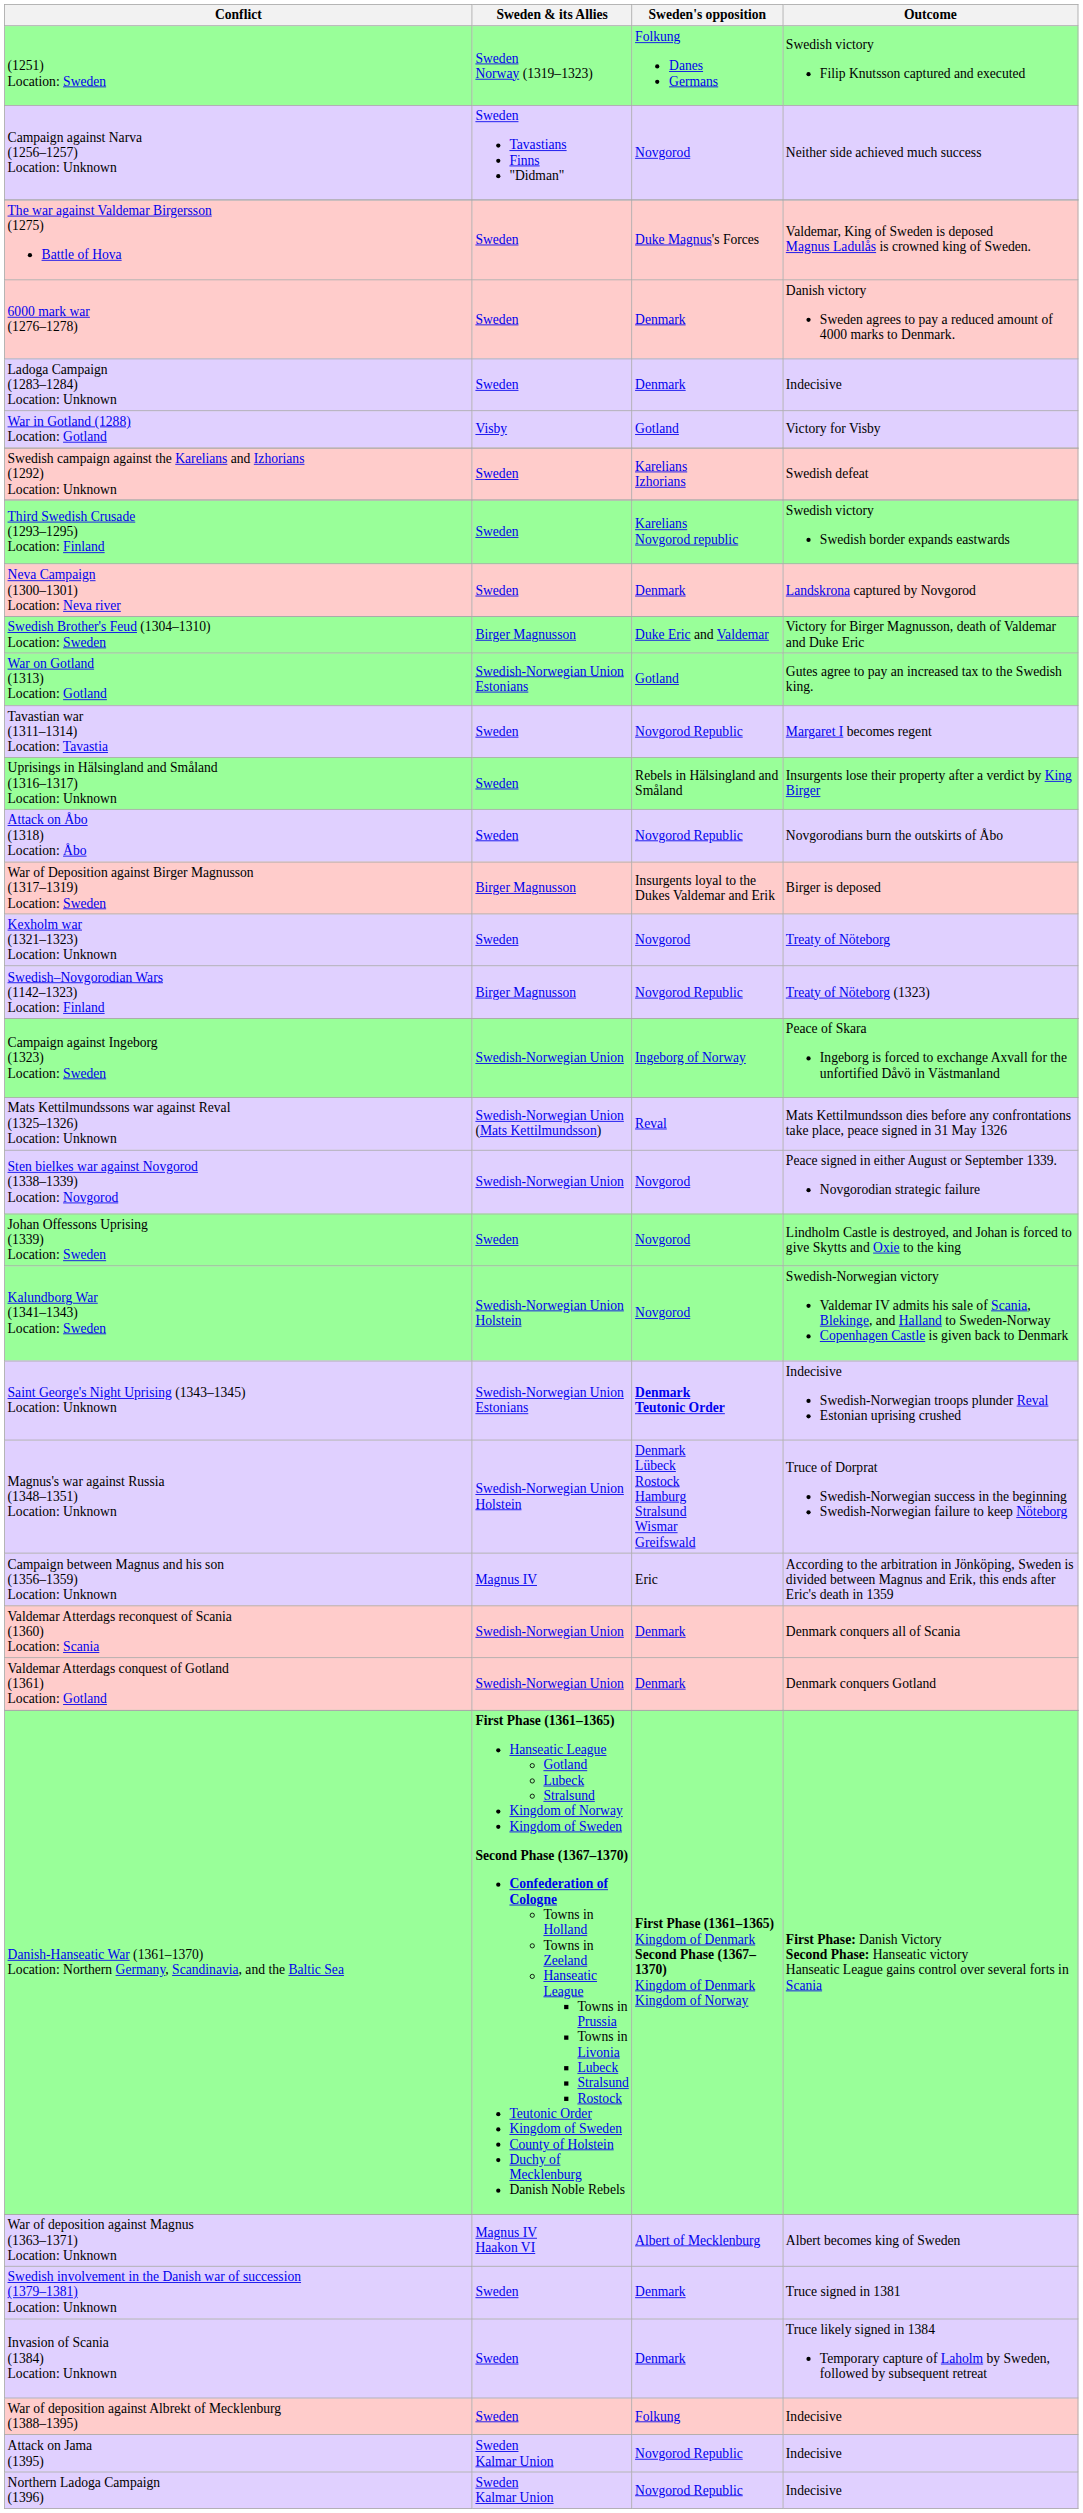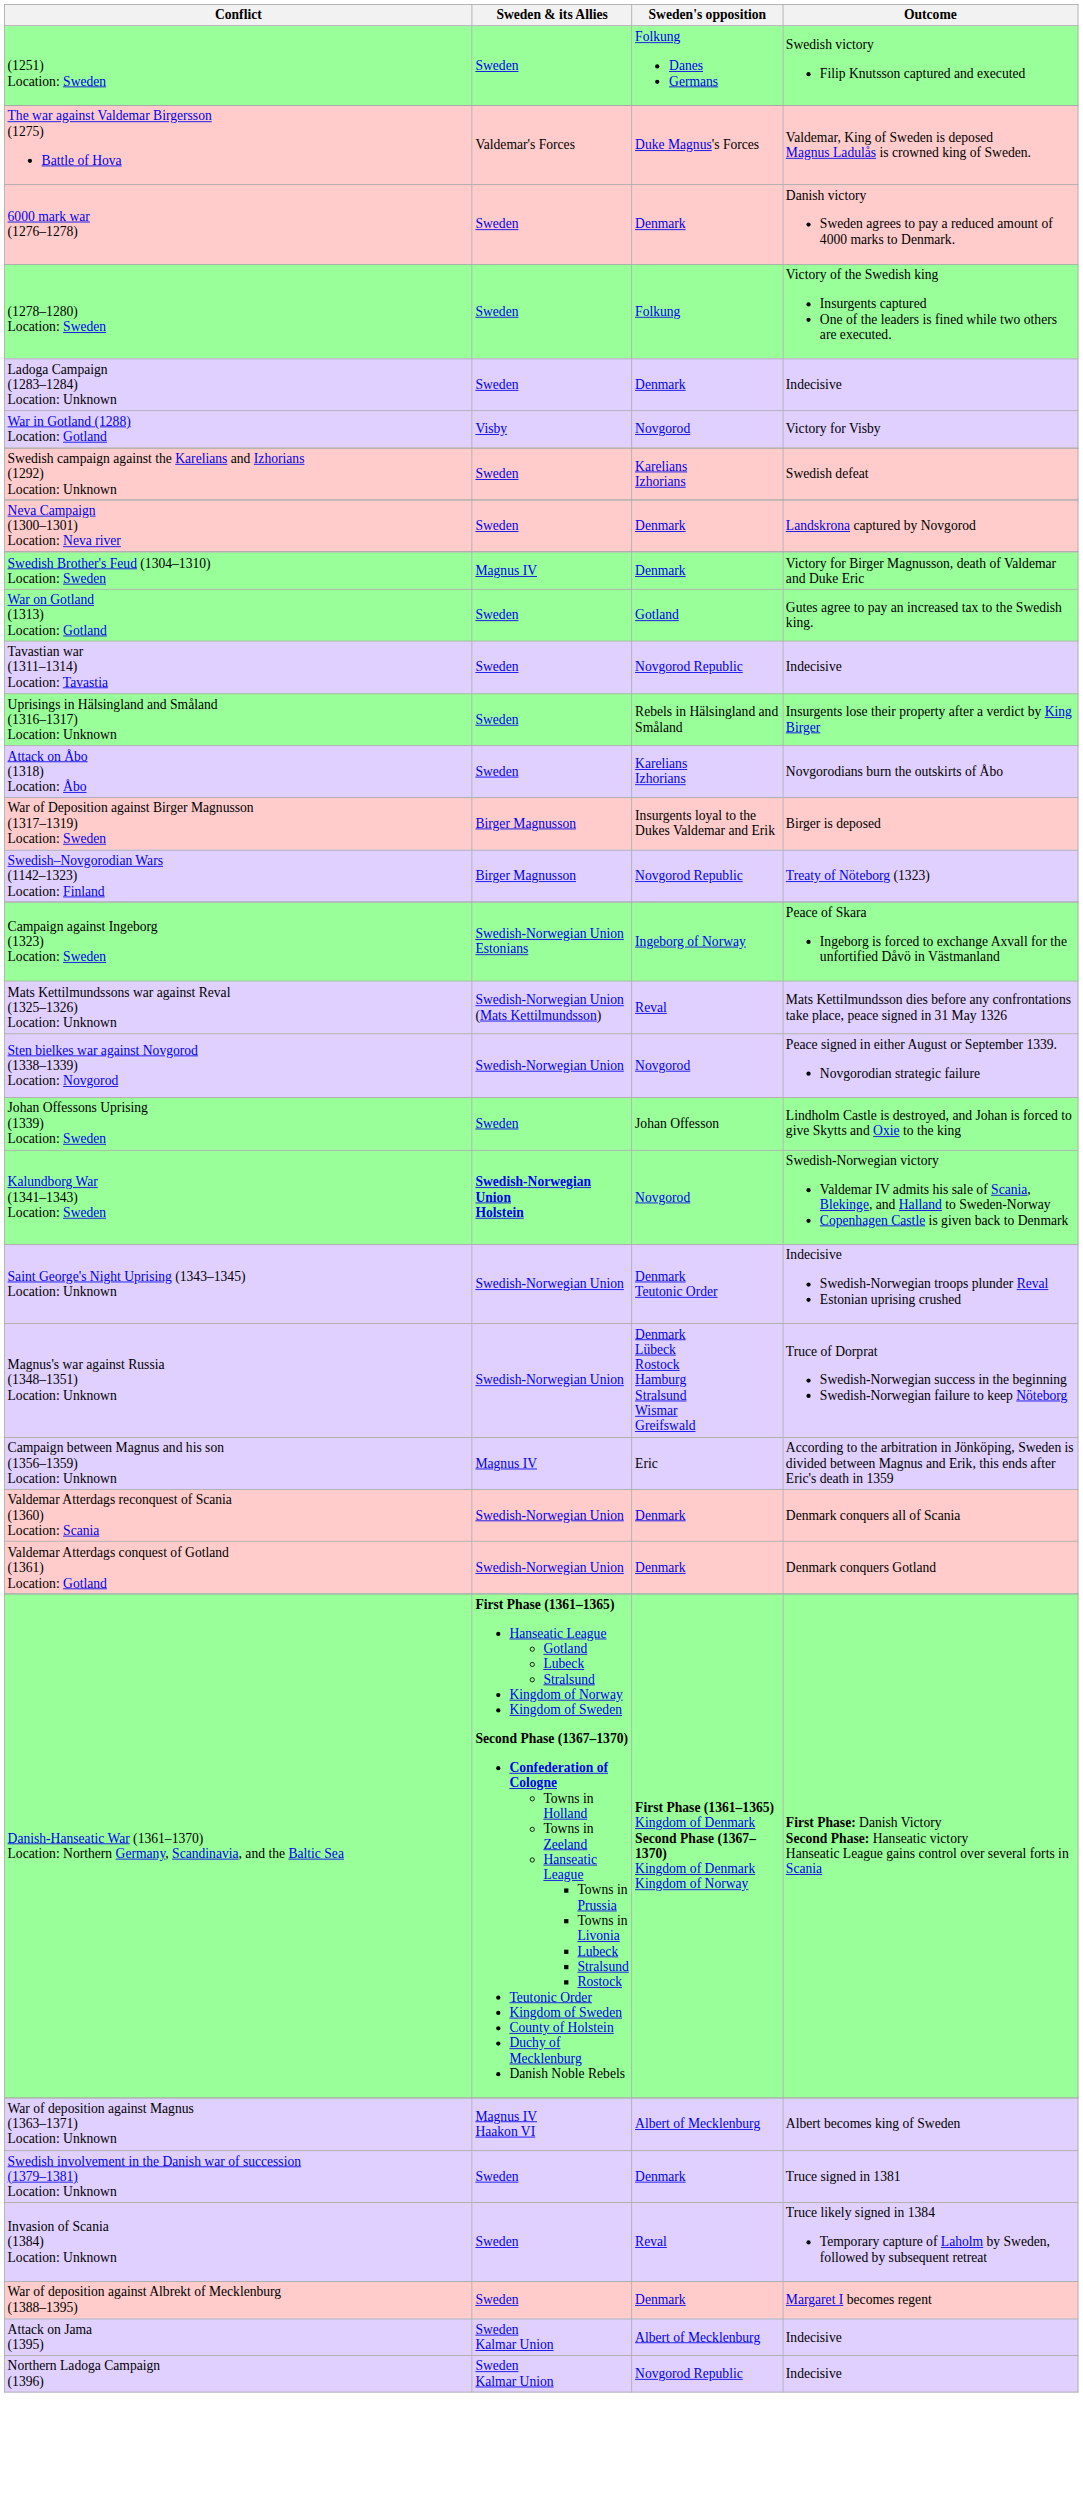 <table class="wikitable sortable" width="100%">
 <tr>
 <th rowspan="1">Conflict</th>
 <th rowspan="1" width=170px>Sweden & its Allies</th>
 <th rowspan="1" width=170px>Sweden's opposition</th>
 <th rowspan="1" width=340px>Outcome</th>
 </tr>
 <tr bgcolor="#99ff99">
 <td><br>(1251)<br>Location: <a href='#'>Sweden</a></td>
-<td> <a href='#'>Sweden</a><br> <a href='#'>Norway</a> (1319–1323)</td>
+<td><a href='#'>Sweden</a></td>
 <td><a href='#'>Folkung</a><br><ul><li><a href='#'>Danes</a></li><li><a href='#'>Germans</a></li></ul></td>
 <td>Swedish victory<br><ul><li>Filip Knutsson captured and executed</li></ul></td>
-</tr>
-<tr bgcolor="#E0D0FF">
-<td>Campaign against Narva <br>(1256–1257)<br>Location: Unknown</td>
-<td><a href='#'>Sweden</a><br><ul><li><a href='#'>Tavastians</a></li><li><a href='#'>Finns</a></li><li>"Didman"</li></ul></td>
-<td><a href='#'>Novgorod</a></td>
-<td>Neither side achieved much success</td>
 </tr>
 <tr>
 </tr>
 <tr bgcolor="#FFCCCB">
 <td><a href='#'>The war against Valdemar Birgersson</a><br>(1275)<br><ul><li><a href='#'>Battle of Hova</a></li></ul></td>
-<td><a href='#'>Sweden</a></td>
+<td>Valdemar's Forces</td>
 <td><a href='#'>Duke Magnus</a>'s Forces</td>
 <td>Valdemar, King of Sweden is deposed<br><a href='#'>Magnus Ladulås</a> is crowned king of Sweden.</td>
 </tr>
 <tr bgcolor="#FFCCCB">
 <td><a href='#'>6000 mark war</a><br>(1276–1278)</td>
 <td><a href='#'>Sweden</a></td>
 <td><a href='#'>Denmark</a></td>
 <td>Danish victory<br><ul><li>Sweden agrees to pay a reduced amount of 4000 marks to Denmark.</li></ul></td>
+</tr>
+<tr bgcolor="#99ff99">
+<td> <br>(1278–1280)<br>Location: <a href='#'>Sweden</a></td>
+<td><a href='#'>Sweden</a></td>
+<td><a href='#'>Folkung</a></td>
+<td>Victory of the Swedish king<br><ul><li>Insurgents captured</li><li>One of the leaders is fined while two others are executed.</li></ul></td>
 </tr>
 <tr bgcolor="#E0D0FF">
 <td>Ladoga Campaign <br>(1283–1284)<br>Location: Unknown</td>
 <td><a href='#'>Sweden</a></td>
 <td><a href='#'>Denmark</a></td>
 <td>Indecisive</td>
 </tr>
 <tr bgcolor="#E0D0FF">
 <td><a href='#'>War in Gotland (1288)</a><br>Location: <a href='#'>Gotland</a></td>
 <td><a href='#'>Visby</a></td>
-<td><a href='#'>Gotland</a></td>
+<td><a href='#'>Novgorod</a></td>
 <td>Victory for Visby</td>
 </tr>
 <tr>
 </tr>
 <tr bgcolor="#FFCCCB">
 <td>Swedish campaign against the <a href='#'>Karelians</a> and <a href='#'>Izhorians</a><br>(1292)<br>Location: Unknown</td>
 <td><a href='#'>Sweden</a></td>
 <td><a href='#'>Karelians</a><br><a href='#'>Izhorians</a></td>
 <td>Swedish defeat</td>
 </tr>
 <tr>
 </tr>
-<tr bgcolor="#99ff99">
-<td><a href='#'>Third Swedish Crusade</a><br>(1293–1295)<br>Location: <a href='#'>Finland</a></td>
-<td><a href='#'>Sweden</a></td>
-<td><a href='#'>Karelians</a> <br> <a href='#'>Novgorod republic</a></td>
-<td>Swedish victory<br><ul><li>Swedish border expands eastwards</li></ul></td>
-</tr>
 <tr bgcolor="#FFCCCB">
 <td><a href='#'>Neva Campaign</a> <br>(1300–1301)<br>Location: <a href='#'>Neva river</a></td>
 <td><a href='#'>Sweden</a></td>
 <td><a href='#'>Denmark</a></td>
 <td><a href='#'>Landskrona</a> captured by Novgorod</td>
 </tr>
 <tr>
 </tr>
 <tr bgcolor="#99ff99">
 <td><a href='#'>Swedish Brother's Feud</a> (1304–1310)<br>Location: <a href='#'>Sweden</a></td>
-<td><a href='#'>Birger Magnusson</a></td>
-<td><a href='#'>Duke Eric</a> and <a href='#'>Valdemar</a></td>
+<td><a href='#'>Magnus IV</a></td>
+<td><a href='#'>Denmark</a></td>
 <td>Victory for Birger Magnusson, death of Valdemar and Duke Eric</td>
 </tr>
 <tr bgcolor="#99ff99">
 <td><a href='#'>War on Gotland</a><br>(1313)<br>Location: <a href='#'>Gotland</a></td>
-<td><a href='#'>Swedish-Norwegian Union</a><br> <a href='#'>Estonians</a></td>
+<td><a href='#'>Sweden</a></td>
 <td><a href='#'>Gotland</a></td>
 <td>Gutes agree to pay an increased tax to the Swedish king.</td>
 </tr>
 <tr bgcolor="#E0D0FF">
 <td>Tavastian war <br>(1311–1314)<br>Location: <a href='#'>Tavastia</a></td>
 <td> <a href='#'>Sweden</a></td>
 <td><a href='#'>Novgorod Republic</a></td>
-<td><a href='#'>Margaret I</a> becomes regent</td>
+<td>Indecisive</td>
 </tr>
 <tr bgcolor="#99ff99">
 <td>Uprisings in Hälsingland and Småland <br>(1316–1317)<br>Location: Unknown</td>
 <td><a href='#'>Sweden</a></td>
 <td>Rebels in Hälsingland and Småland</td>
 <td>Insurgents lose their property after a verdict by <a href='#'>King Birger</a></td>
 </tr>
 <tr bgcolor="#E0D0FF">
 <td><a href='#'>Attack on Åbo</a><br>(1318)<br>Location: <a href='#'>Åbo</a></td>
 <td><a href='#'>Sweden</a></td>
-<td><a href='#'>Novgorod Republic</a></td>
+<td><a href='#'>Karelians</a><br><a href='#'>Izhorians</a></td>
 <td>Novgorodians burn the outskirts of Åbo</td>
 </tr>
 <tr bgcolor="#FFCCCB">
 <td>War of Deposition against Birger Magnusson<br>(1317–1319)<br>Location: <a href='#'>Sweden</a></td>
 <td><a href='#'>Birger Magnusson</a></td>
 <td>Insurgents loyal to the Dukes Valdemar and Erik</td>
 <td>Birger is deposed</td>
-</tr>
-<tr bgcolor="#E0D0FF">
-<td><a href='#'>Kexholm war</a> <br>(1321–1323)<br>Location: Unknown</td>
-<td><a href='#'>Sweden</a></td>
-<td><a href='#'>Novgorod</a></td>
-<td><a href='#'>Treaty of Nöteborg</a></td>
 </tr>
 <tr bgcolor="#E0D0FF">
 <td><a href='#'>Swedish–Novgorodian Wars</a><br>(1142–1323)<br>Location: <a href='#'>Finland</a></td>
 <td><a href='#'>Birger Magnusson</a></td>
 <td><a href='#'>Novgorod Republic</a></td>
 <td><a href='#'>Treaty of Nöteborg</a> (1323)</td>
 </tr>
 <tr>
 </tr>
 <tr bgcolor="#99ff99">
 <td>Campaign against Ingeborg <br>(1323)<br>Location: <a href='#'>Sweden</a></td>
-<td><a href='#'>Swedish-Norwegian Union</a></td>
+<td><a href='#'>Swedish-Norwegian Union</a><br> <a href='#'>Estonians</a></td>
 <td><a href='#'>Ingeborg of Norway</a></td>
 <td>Peace of Skara<br><ul><li>Ingeborg is forced to exchange Axvall for the unfortified Dåvö in Västmanland</li></ul></td>
 </tr>
 <tr bgcolor="#E0D0FF">
 <td>Mats Kettilmundssons war against Reval <br>(1325–1326)<br>Location: Unknown</td>
 <td><a href='#'>Swedish-Norwegian Union</a> (<a href='#'>Mats Kettilmundsson</a>)</td>
 <td><a href='#'>Reval</a></td>
 <td>Mats Kettilmundsson dies before any confrontations take place, peace signed in 31 May 1326</td>
 </tr>
 <tr bgcolor="#E0D0FF">
 <td><a href='#'>Sten bielkes war against Novgorod</a> <br>(1338–1339)<br>Location: <a href='#'>Novgorod</a></td>
 <td><a href='#'>Swedish-Norwegian Union</a></td>
 <td><a href='#'>Novgorod</a></td>
 <td>Peace signed in either August or September 1339.<br><ul><li>Novgorodian strategic failure</li></ul></td>
 </tr>
 <tr bgcolor="#99ff99">
 <td>Johan Offessons Uprising <br>(1339)<br>Location: <a href='#'>Sweden</a></td>
 <td><a href='#'>Sweden</a></td>
-<td><a href='#'>Novgorod</a></td>
+<td>Johan Offesson</td>
 <td>Lindholm Castle is destroyed, and Johan is forced to give Skytts and <a href='#'>Oxie</a> to the king</td>
 </tr>
 <tr bgcolor="#99ff99">
 <td><a href='#'>Kalundborg War</a> <br>(1341–1343)<br>Location: <a href='#'>Sweden</a></td>
-<td><a href='#'>Swedish-Norwegian Union</a><br><a href='#'>Holstein</a></td>
+<td><strong><a href='#'>Swedish-Norwegian Union</a><br><a href='#'>Holstein</a></strong></td>
 <td><a href='#'>Novgorod</a></td>
 <td>Swedish-Norwegian victory<br><ul><li>Valdemar IV admits his sale of <a href='#'>Scania</a>, <a href='#'>Blekinge</a>, and <a href='#'>Halland</a> to Sweden-Norway</li><li><a href='#'>Copenhagen Castle</a> is given back to Denmark</li></ul></td>
 </tr>
 <tr bgcolor="#E0D0FF">
 <td><a href='#'>Saint George's Night Uprising</a> (1343–1345)<br>Location: Unknown</td>
-<td><a href='#'>Swedish-Norwegian Union</a><br> <a href='#'>Estonians</a></td>
-<td><strong><a href='#'>Denmark</a> <br> <a href='#'>Teutonic Order</a></strong></td>
+<td><a href='#'>Swedish-Norwegian Union</a></td>
+<td><a href='#'>Denmark</a> <br> <a href='#'>Teutonic Order</a></td>
 <td>Indecisive<br><ul><li>Swedish-Norwegian troops plunder <a href='#'>Reval</a></li><li>Estonian uprising crushed</li></ul></td>
 </tr>
 <tr bgcolor="#E0D0FF">
 <td>Magnus's war against Russia <br>(1348–1351)<br>Location: Unknown</td>
-<td><a href='#'>Swedish-Norwegian Union</a><br><a href='#'>Holstein</a></td>
+<td><a href='#'>Swedish-Norwegian Union</a></td>
 <td><a href='#'>Denmark</a><br><a href='#'>Lübeck</a> <br> <a href='#'>Rostock</a> <br> <a href='#'>Hamburg</a> <br> <a href='#'>Stralsund</a> <br> <a href='#'>Wismar</a> <br> <a href='#'>Greifswald</a></td>
 <td>Truce of Dorprat<br><ul><li>Swedish-Norwegian success in the beginning</li><li>Swedish-Norwegian failure to keep <a href='#'>Nöteborg</a></li></ul></td>
 </tr>
 <tr bgcolor="#E0D0FF">
 <td>Campaign between Magnus and his son <br>(1356–1359)<br>Location: Unknown</td>
 <td><a href='#'>Magnus IV</a></td>
 <td>Eric</td>
 <td>According to the arbitration in Jönköping, Sweden is divided between Magnus and Erik, this ends after Eric's death in 1359</td>
 </tr>
 <tr bgcolor="#FFCCCB">
 <td>Valdemar Atterdags reconquest of Scania<br>(1360)<br>Location: <a href='#'>Scania</a></td>
 <td><a href='#'>Swedish-Norwegian Union</a></td>
 <td><a href='#'>Denmark</a></td>
 <td>Denmark conquers all of Scania</td>
 </tr>
 <tr bgcolor="#FFCCCB">
 <td>Valdemar Atterdags conquest of Gotland<br>(1361)<br>Location: <a href='#'>Gotland</a></td>
 <td><a href='#'>Swedish-Norwegian Union</a></td>
 <td><a href='#'>Denmark</a></td>
 <td>Denmark conquers Gotland</td>
 </tr>
 <tr>
 </tr>
 <tr bgcolor="#99ff99">
 <td><a href='#'>Danish-Hanseatic War</a> (1361–1370)<br>Location: Northern <a href='#'>Germany</a>, <a href='#'>Scandinavia</a>, and the <a href='#'>Baltic Sea</a></td>
 <td> <strong>First Phase (1361–1365)</strong><br><ul><li> <a href='#'>Hanseatic League</a><ul><li> <a href='#'>Gotland</a></li><li> <a href='#'>Lubeck</a></li><li> <a href='#'>Stralsund</a></li></ul></li><li> <a href='#'>Kingdom of Norway</a></li><li> <a href='#'>Kingdom of Sweden</a></li></ul> <strong>Second Phase (1367–1370)</strong><ul><li><strong><a href='#'>Confederation of Cologne</a></strong><ul><li>Towns in <a href='#'>Holland</a></li><li>Towns in <a href='#'>Zeeland</a></li><li> <a href='#'>Hanseatic League</a><ul><li>Towns in <a href='#'>Prussia</a></li><li>Towns in <a href='#'>Livonia</a></li><li> <a href='#'>Lubeck</a></li><li> <a href='#'>Stralsund</a></li><li> <a href='#'>Rostock</a></li></ul></li></ul></li><li> <a href='#'>Teutonic Order</a></li><li> <a href='#'>Kingdom of Sweden</a></li><li> <a href='#'>County of Holstein</a></li><li> <a href='#'>Duchy of Mecklenburg</a></li><li>Danish Noble Rebels</li></ul></td>
 <td><strong>First Phase (1361–1365)</strong><br> <a href='#'>Kingdom of Denmark</a> <strong>Second Phase (1367–1370)</strong><br> <a href='#'>Kingdom of Denmark</a><br> <a href='#'>Kingdom of Norway</a></td>
 <td><strong>First Phase:</strong> Danish Victory<br><strong>Second Phase:</strong> Hanseatic victory<br>Hanseatic League gains control over several forts in <a href='#'>Scania</a></td>
 </tr>
 <tr>
 </tr>
 <tr bgcolor="#E0D0FF">
 <td>War of deposition against Magnus <br>(1363–1371)<br>Location: Unknown</td>
 <td><a href='#'>Magnus IV</a><br><a href='#'>Haakon VI</a></td>
 <td><a href='#'>Albert of Mecklenburg</a></td>
 <td>Albert becomes king of Sweden</td>
 </tr>
 <tr bgcolor="#E0D0FF">
 <td><a href='#'>Swedish involvement in the Danish war of succession <br>(1379–1381)</a><br>Location: Unknown</td>
 <td><a href='#'>Sweden</a></td>
 <td><a href='#'>Denmark</a></td>
 <td>Truce signed in 1381</td>
 </tr>
 <tr bgcolor="#E0D0FF">
 <td>Invasion of Scania <br>(1384)<br>Location: Unknown</td>
 <td><a href='#'>Sweden</a></td>
-<td><a href='#'>Denmark</a></td>
+<td><a href='#'>Reval</a></td>
 <td>Truce likely signed in 1384<br><ul><li>Temporary capture of <a href='#'>Laholm</a> by Sweden, followed by subsequent retreat</li></ul></td>
 </tr>
 <tr bgcolor="#FFCCCB">
 <td>War of deposition against Albrekt of Mecklenburg<br>(1388–1395)</td>
 <td><a href='#'>Sweden</a></td>
-<td><a href='#'>Folkung</a></td>
-<td>Indecisive</td>
+<td><a href='#'>Denmark</a></td>
+<td><a href='#'>Margaret I</a> becomes regent</td>
 </tr>
 <tr bgcolor="#E0D0FF">
 <td>Attack on Jama<br>(1395)</td>
 <td><a href='#'>Sweden</a> <br> <a href='#'>Kalmar Union</a></td>
-<td><a href='#'>Novgorod Republic</a></td>
+<td><a href='#'>Albert of Mecklenburg</a></td>
 <td>Indecisive</td>
 </tr>
 <tr bgcolor="#E0D0FF">
 <td>Northern Ladoga Campaign<br>(1396)</td>
 <td><a href='#'>Sweden</a> <br> <a href='#'>Kalmar Union</a></td>
 <td><a href='#'>Novgorod Republic</a></td>
 <td>Indecisive</td>
 </tr>
 </table>
